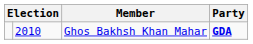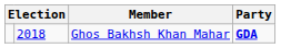 <table class="wikitable">
 <tr>
 <th colspan="2">Election</th>
 <th>Member</th>
 <th>Party</th>
 </tr>
 <tr>
 <td style="background-color: "></td>
-<td><a href='#'>2010</a></td>
+<td><a href='#'>2018</a></td>
 <td><a href='#'>Ghos Bakhsh Khan Mahar</a></td>
 <td><strong><a href='#'>GDA</a></strong></td>
 </tr>
 </table>
